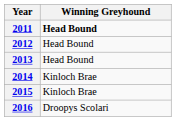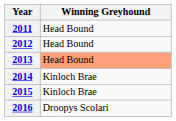 <table class="wikitable">
 <tr>
 <th width=50>Year</th>
 <th width=200>Winning Greyhound</th>
 </tr>
 <tr>
 <th><a href='#'>2011</a></th>
-<td><strong>Head Bound</strong></td>
+<td>Head Bound</td>
 </tr>
 <tr>
 <th><a href='#'>2012</a></th>
 <td>Head Bound</td>
 </tr>
 <tr>
 <th><a href='#'>2013</a></th>
-<td>Head Bound</td>
+<td style="background: lightsalmon;">Head Bound</td>
 </tr>
 <tr>
 <th><a href='#'>2014</a></th>
 <td>Kinloch Brae</td>
 </tr>
 <tr>
 <th><a href='#'>2015</a></th>
 <td>Kinloch Brae</td>
 </tr>
 <tr>
 <th><a href='#'>2016</a></th>
 <td>Droopys Scolari</td>
 </tr>
 </table>
